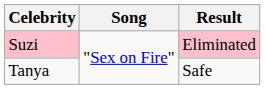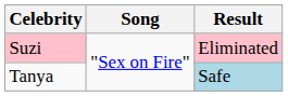 <table class="wikitable sortable collapsed">
 <tr>
 <th>Celebrity</th>
 <th>Song</th>
 <th>Result</th>
 </tr>
 <tr>
 <td style="background:pink;">Suzi</td>
 <td rowspan=2>"<a href='#'>Sex on Fire</a>"</td>
 <td style="background:pink;">Eliminated</td>
 </tr>
 <tr>
 <td>Tanya</td>
-<td>Safe</td>
+<td style="background: lightblue;">Safe</td>
 </tr>
 </table>
